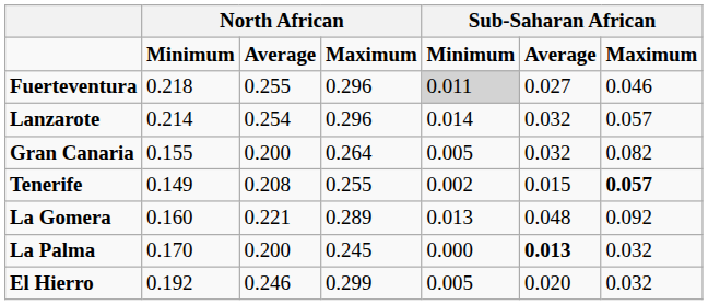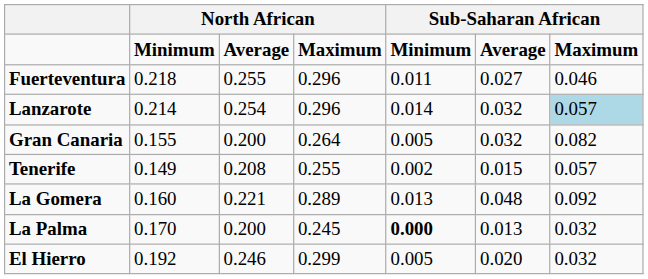 <table class="wikitable">
 <tr>
 <th></th>
 <th colspan="3">North African</th>
 <th colspan="3">Sub-Saharan African</th>
 </tr>
 <tr>
 <td></td>
 <td><strong>Minimum</strong></td>
 <td><strong>Average</strong></td>
 <td><strong>Maximum</strong></td>
 <td><strong>Minimum</strong></td>
 <td><strong>Average</strong></td>
 <td><strong>Maximum</strong></td>
 </tr>
 <tr>
 <td><strong>Fuerteventura</strong></td>
 <td>0.218</td>
 <td>0.255</td>
 <td>0.296</td>
-<td style="background: lightgrey;">0.011</td>
+<td>0.011</td>
 <td>0.027</td>
 <td>0.046</td>
 </tr>
 <tr>
 <td><strong>Lanzarote</strong></td>
 <td>0.214</td>
 <td>0.254</td>
 <td>0.296</td>
 <td>0.014</td>
 <td>0.032</td>
-<td>0.057</td>
+<td style="background: lightblue;">0.057</td>
 </tr>
 <tr>
 <td><strong>Gran Canaria</strong></td>
 <td>0.155</td>
 <td>0.200</td>
 <td>0.264</td>
 <td>0.005</td>
 <td>0.032</td>
 <td>0.082</td>
 </tr>
 <tr>
 <td><strong>Tenerife</strong></td>
 <td>0.149</td>
 <td>0.208</td>
 <td>0.255</td>
 <td>0.002</td>
 <td>0.015</td>
-<td><strong>0.057</strong></td>
+<td>0.057</td>
 </tr>
 <tr>
 <td><strong>La Gomera</strong></td>
 <td>0.160</td>
 <td>0.221</td>
 <td>0.289</td>
 <td>0.013</td>
 <td>0.048</td>
 <td>0.092</td>
 </tr>
 <tr>
 <td><strong>La Palma</strong></td>
 <td>0.170</td>
 <td>0.200</td>
 <td>0.245</td>
-<td>0.000</td>
-<td><strong>0.013</strong></td>
+<td><strong>0.000</strong></td>
+<td>0.013</td>
 <td>0.032</td>
 </tr>
 <tr>
 <td><strong>El Hierro</strong></td>
 <td>0.192</td>
 <td>0.246</td>
 <td>0.299</td>
 <td>0.005</td>
 <td>0.020</td>
 <td>0.032</td>
 </tr>
 </table>
